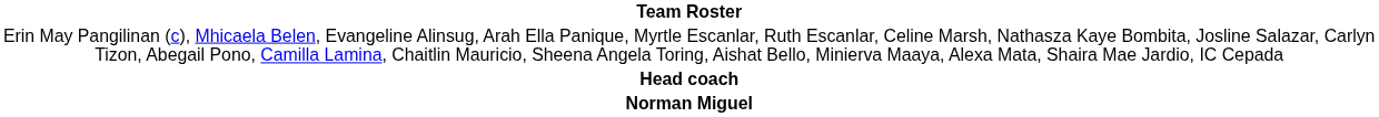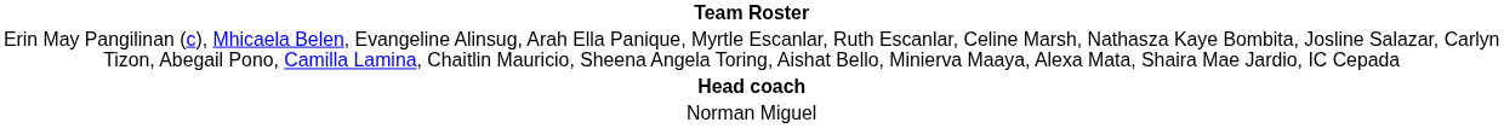 <table style="text-align:center;margin-top:2em; margin-left:auto;margin-right:auto">
 <tr>
 <td><strong>Team Roster</strong></td>
 </tr>
 <tr>
 <td>Erin May Pangilinan (<a href='#'>c</a>), <a href='#'>Mhicaela Belen</a>, Evangeline Alinsug, Arah Ella Panique, Myrtle Escanlar, Ruth Escanlar, Celine Marsh, Nathasza Kaye Bombita, Josline Salazar, Carlyn Tizon, Abegail Pono, <a href='#'>Camilla Lamina</a>, Chaitlin Mauricio, Sheena Angela Toring, Aishat Bello, Minierva Maaya, Alexa Mata, Shaira Mae Jardio, IC Cepada</td>
 </tr>
 <tr>
 <td><strong>Head coach</strong></td>
 </tr>
 <tr>
-<td><strong>Norman Miguel</strong></td>
+<td>Norman Miguel</td>
 </tr>
 </table>
